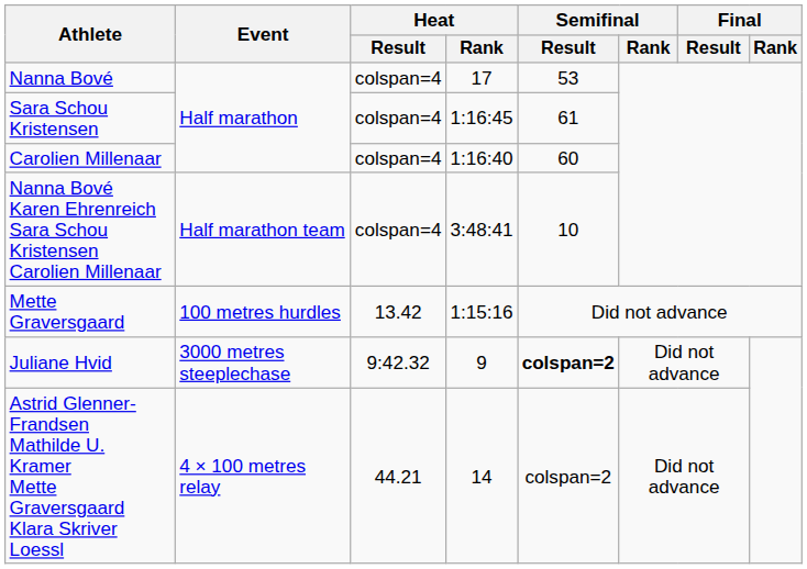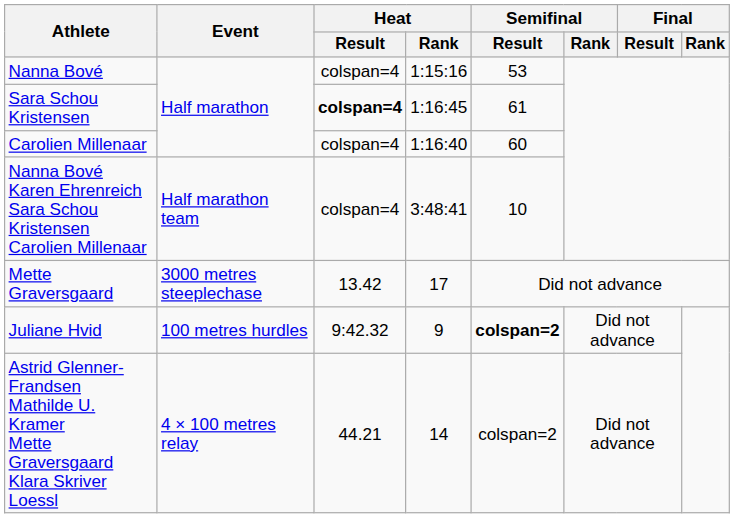 <table class=wikitable style=font-size:90%>
 <tr>
 <th rowspan=2>Athlete</th>
 <th rowspan=2>Event</th>
 <th colspan=2>Heat</th>
 <th colspan=2>Semifinal</th>
 <th colspan=2>Final</th>
 </tr>
 <tr style=font-size:95%>
 <th>Result</th>
 <th>Rank</th>
 <th>Result</th>
 <th>Rank</th>
 <th>Result</th>
 <th>Rank</th>
 </tr>
 <tr align=center>
 <td align=left><a href='#'>Nanna Bové</a></td>
 <td align=left rowspan=3><a href='#'>Half marathon</a></td>
 <td>colspan=4</td>
-<td>17</td>
+<td>1:15:16 </td>
 <td>53</td>
 </tr>
 <tr align=center>
 <td align=left><a href='#'>Sara Schou Kristensen</a></td>
-<td>colspan=4</td>
+<td><strong>colspan=4</strong></td>
 <td>1:16:45</td>
 <td>61</td>
 </tr>
 <tr align=center>
 <td align=left><a href='#'>Carolien Millenaar</a></td>
 <td>colspan=4</td>
 <td>1:16:40</td>
 <td>60</td>
 </tr>
 <tr align=center>
 <td align=left><a href='#'>Nanna Bové</a><br><a href='#'>Karen Ehrenreich</a><br><a href='#'>Sara Schou Kristensen</a><br><a href='#'>Carolien Millenaar</a></td>
 <td align=left><a href='#'>Half marathon team</a></td>
 <td>colspan=4</td>
 <td>3:48:41</td>
 <td>10</td>
 </tr>
 <tr align=center>
 <td align=left><a href='#'>Mette Graversgaard</a></td>
-<td align=left><a href='#'>100 metres hurdles</a></td>
+<td align=left><a href='#'>3000 metres steeplechase</a></td>
 <td>13.42 </td>
-<td>1:15:16 </td>
+<td>17</td>
 <td colspan=4>Did not advance</td>
 </tr>
 <tr align=center>
 <td align=left><a href='#'>Juliane Hvid</a></td>
-<td align=left><a href='#'>3000 metres steeplechase</a></td>
+<td align=left><a href='#'>100 metres hurdles</a></td>
 <td>9:42.32</td>
 <td>9</td>
 <td><strong>colspan=2</strong></td>
 <td colspan=2>Did not advance</td>
 </tr>
 <tr align=center>
 <td align=left><a href='#'>Astrid Glenner-Frandsen</a><br><a href='#'>Mathilde U. Kramer</a><br><a href='#'>Mette Graversgaard</a><br><a href='#'>Klara Skriver Loessl</a></td>
 <td align=left><a href='#'>4 × 100 metres relay</a></td>
 <td>44.21 </td>
 <td>14</td>
 <td>colspan=2</td>
 <td colspan=2>Did not advance</td>
 </tr>
 </table>
